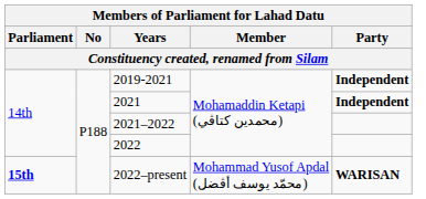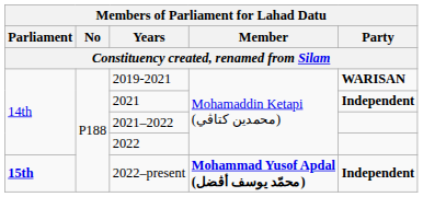 <table class=wikitable>
 <tr>
 <th colspan="5">Members of Parliament for Lahad Datu <br></th>
 </tr>
 <tr>
 <th>Parliament</th>
 <th>No</th>
 <th>Years</th>
 <th>Member</th>
 <th>Party</th>
 </tr>
 <tr>
 <th colspan="5" align="center"><em>Constituency created, renamed from <a href='#'>Silam</a></em></th>
 </tr>
 <tr>
 <td rowspan="4"><a href='#'>14th</a></td>
 <td rowspan="5">P188</td>
 <td>2019-2021</td>
 <td rowspan="4"><a href='#'>Mohamaddin Ketapi</a><br>(محمدين كتاڤي)</td>
-<td><strong>Independent</strong></td>
+<td><strong>WARISAN</strong></td>
 </tr>
 <tr>
 <td>2021</td>
 <td><strong>Independent</strong></td>
 </tr>
 <tr>
 <td>2021–2022</td>
 <td></td>
 </tr>
 <tr>
 <td>2022</td>
 <td></td>
 </tr>
 <tr>
 <td><strong><a href='#'>15th</a></strong></td>
 <td>2022–present</td>
-<td><a href='#'>Mohammad Yusof Apdal</a> <br>(محمّد يوسف أڤضل)</td>
-<td><strong>WARISAN</strong></td>
+<td><strong><a href='#'>Mohammad Yusof Apdal</a> <br>(محمّد يوسف أڤضل)</strong></td>
+<td><strong>Independent</strong></td>
 </tr>
 </table>
